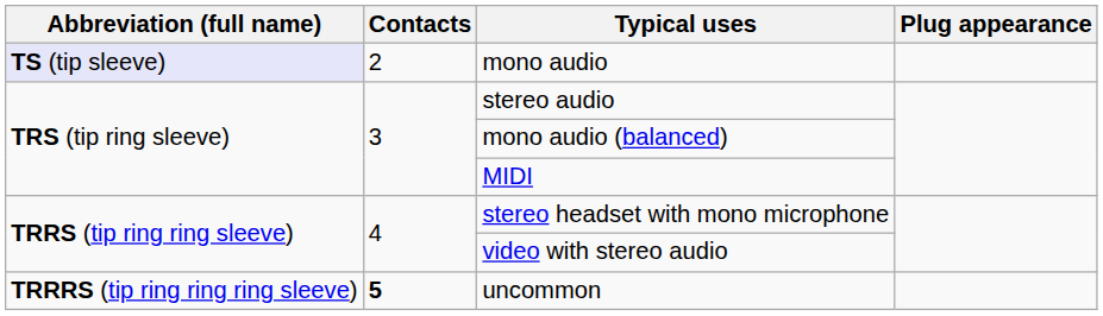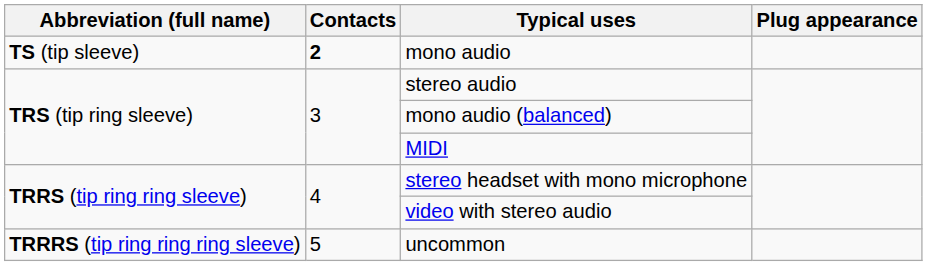 <table class="wikitable defaultleft col2center">
 <tr>
 <th>Abbreviation (full name)</th>
 <th>Contacts</th>
 <th>Typical uses</th>
 <th>Plug appearance</th>
 </tr>
 <tr>
-<td style="background: lavender;"><strong>TS</strong> (tip sleeve)</td>
-<td>2</td>
+<td><strong>TS</strong> (tip sleeve)</td>
+<td><strong>2</strong></td>
 <td>mono audio</td>
 <td></td>
 </tr>
 <tr>
 <td rowspan="3"><strong>TRS</strong> (tip ring sleeve)</td>
 <td rowspan="3">3</td>
 <td>stereo audio</td>
 <td rowspan="3"></td>
 </tr>
 <tr>
 <td>mono audio (<a href='#'>balanced</a>)</td>
 </tr>
 <tr>
 <td><a href='#'>MIDI</a></td>
 </tr>
 <tr>
 <td rowspan="2"><strong>TRRS</strong> (<a href='#'>tip ring ring sleeve</a>)</td>
 <td rowspan="2">4</td>
 <td><a href='#'>stereo</a> headset with mono microphone</td>
 <td rowspan="2"></td>
 </tr>
 <tr>
 <td><a href='#'>video</a> with stereo audio</td>
 </tr>
 <tr>
 <td><strong>TRRRS</strong> (<a href='#'>tip ring ring ring sleeve</a>)</td>
-<td><strong>5</strong></td>
+<td>5</td>
 <td>uncommon</td>
 <td></td>
 </tr>
 </table>
